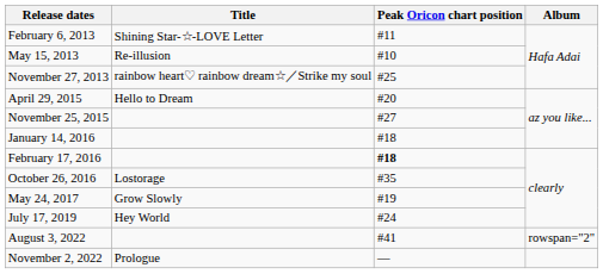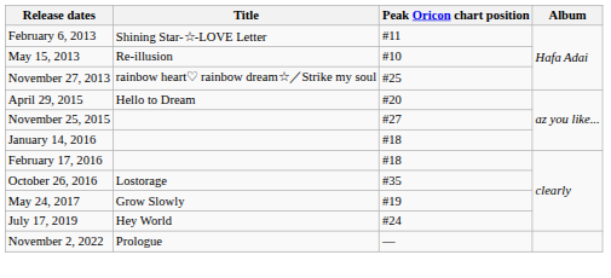 <table class="wikitable">
 <tr>
 <th>Release dates</th>
 <th>Title</th>
 <th>Peak <a href='#'>Oricon</a> chart position</th>
 <th>Album</th>
 </tr>
 <tr>
 <td>February 6, 2013</td>
 <td>Shining Star-☆-LOVE Letter</td>
 <td>#11</td>
 <td rowspan=3><em>Hafa Adai</em></td>
 </tr>
 <tr>
 <td>May 15, 2013</td>
 <td>Re-illusion</td>
 <td>#10</td>
 </tr>
 <tr>
 <td>November 27, 2013</td>
 <td>rainbow heart♡ rainbow dream☆／Strike my soul</td>
 <td>#25</td>
 </tr>
 <tr>
 <td>April 29, 2015</td>
 <td>Hello to Dream</td>
 <td>#20</td>
 <td rowspan=3><em>az you like...</em></td>
 </tr>
 <tr>
 <td>November 25, 2015</td>
 <td></td>
 <td>#27</td>
 </tr>
 <tr>
 <td>January 14, 2016</td>
 <td></td>
 <td>#18</td>
 </tr>
 <tr>
 <td>February 17, 2016</td>
 <td></td>
-<td><strong>#18</strong></td>
+<td>#18</td>
 <td rowspan="4"><em>clearly</em></td>
 </tr>
 <tr>
 <td>October 26, 2016</td>
 <td>Lostorage</td>
 <td>#35</td>
 </tr>
 <tr>
 <td>May 24, 2017</td>
 <td>Grow Slowly</td>
 <td>#19</td>
 </tr>
 <tr>
 <td>July 17, 2019</td>
 <td>Hey World</td>
 <td>#24</td>
 </tr>
 <tr>
-<td>August 3, 2022</td>
-<td></td>
-<td>#41</td>
-<td>rowspan="2" </td>
-</tr>
-<tr>
 <td>November 2, 2022</td>
 <td>Prologue</td>
 <td>—</td>
 </tr>
 </table>
